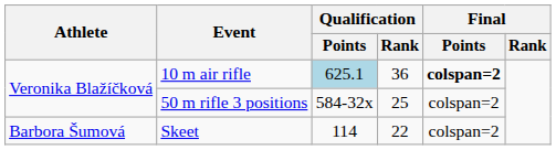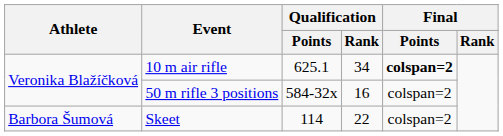 <table class="wikitable" style="font-size:90%">
 <tr>
 <th rowspan="2">Athlete</th>
 <th rowspan="2">Event</th>
 <th colspan=2>Qualification</th>
 <th colspan=2>Final</th>
 </tr>
 <tr style="font-size:95%">
 <th>Points</th>
 <th>Rank</th>
 <th>Points</th>
 <th>Rank</th>
 </tr>
 <tr align="center">
 <td rowspan="2"><a href='#'>Veronika Blažíčková</a></td>
 <td align="left"><a href='#'>10 m air rifle</a></td>
-<td style="background: lightblue;">625.1</td>
-<td>36</td>
+<td>625.1</td>
+<td>34</td>
 <td><strong>colspan=2 </strong></td>
 </tr>
 <tr align="center">
 <td align="left"><a href='#'>50 m rifle 3 positions</a></td>
 <td>584-32x</td>
-<td>25</td>
+<td>16</td>
 <td>colspan=2 </td>
 </tr>
 <tr align=center>
 <td align=left><a href='#'>Barbora Šumová</a></td>
 <td align=left><a href='#'>Skeet</a></td>
 <td>114</td>
 <td>22</td>
 <td>colspan=2 </td>
 </tr>
 </table>
